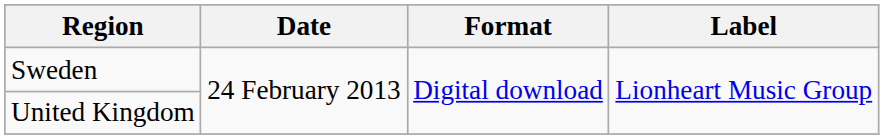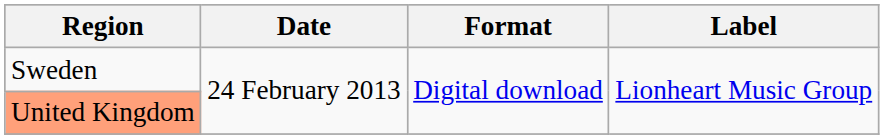 <table class=wikitable>
 <tr>
 <th>Region</th>
 <th>Date</th>
 <th>Format</th>
 <th>Label</th>
 </tr>
 <tr>
 <td>Sweden</td>
 <td rowspan=2>24 February 2013</td>
 <td rowspan=2><a href='#'>Digital download</a></td>
 <td rowspan=2><a href='#'>Lionheart Music Group</a></td>
 </tr>
 <tr>
-<td>United Kingdom</td>
+<td style="background: lightsalmon;">United Kingdom</td>
 </tr>
 </table>
